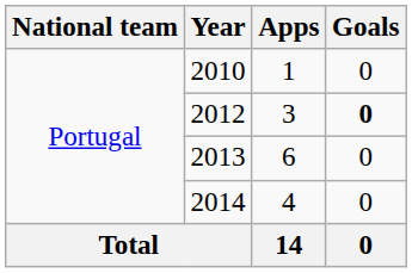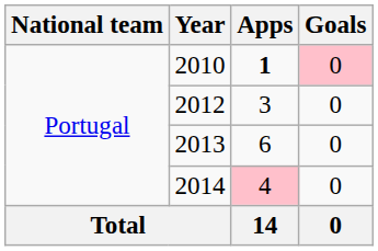 <table class="wikitable" style="text-align:center">
 <tr>
 <th>National team</th>
 <th>Year</th>
 <th>Apps</th>
 <th>Goals</th>
 </tr>
 <tr>
 <td rowspan="4"><a href='#'>Portugal</a></td>
 <td>2010</td>
-<td>1</td>
-<td>0</td>
+<td><strong>1</strong></td>
+<td style="background: pink;">0</td>
 </tr>
 <tr>
 <td>2012</td>
 <td>3</td>
-<td><strong>0</strong></td>
+<td>0</td>
 </tr>
 <tr>
 <td>2013</td>
 <td>6</td>
 <td>0</td>
 </tr>
 <tr>
 <td>2014</td>
-<td>4</td>
+<td style="background: pink;">4</td>
 <td>0</td>
 </tr>
 <tr>
 <th colspan="2">Total</th>
 <th>14</th>
 <th>0</th>
 </tr>
 </table>
